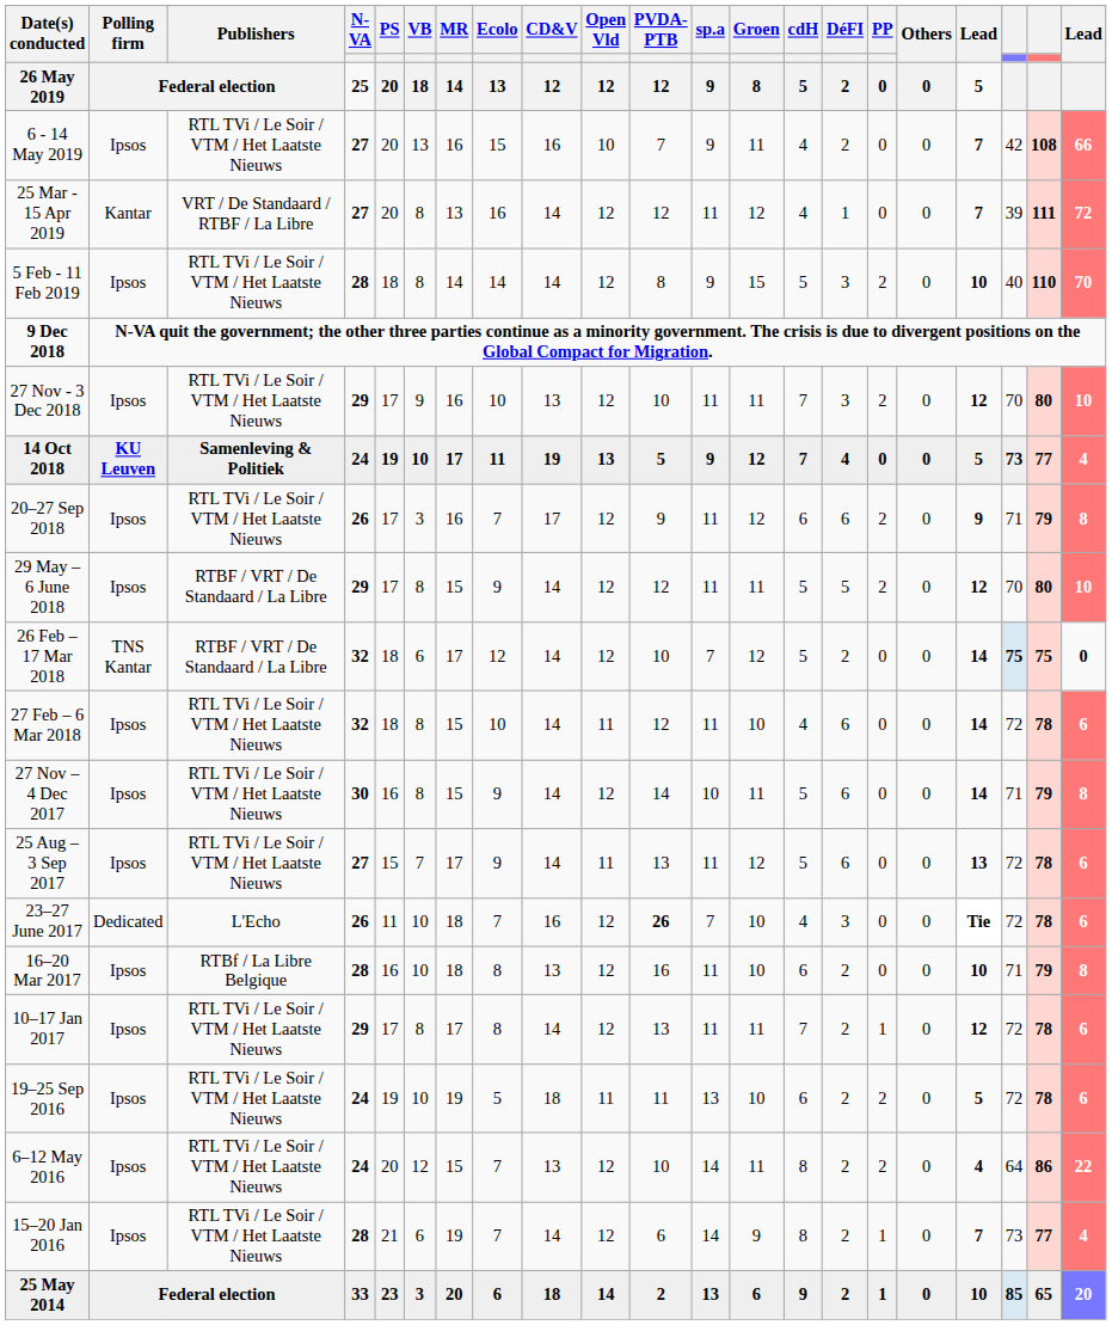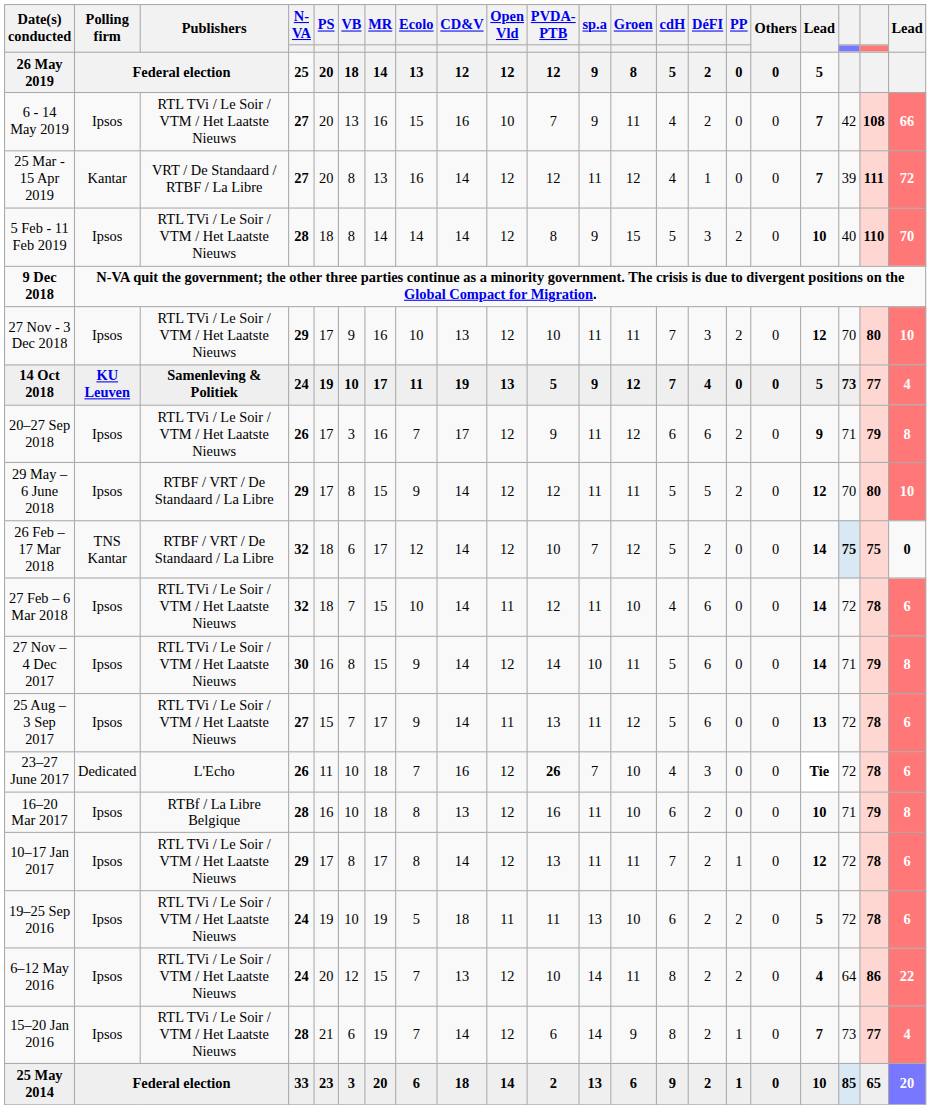 <table class="wikitable sortable" style="text-align:center; font-size:85%; line-height:16px;">
 <tr style="background-color:#E9E9E9">
 <th rowspan="2">Date(s) conducted</th>
 <th rowspan="2">Polling firm</th>
 <th width="140" rowspan="2">Publishers</th>
 <th><a href='#'><span>N-VA</span></a></th>
 <th><a href='#'><span>PS</span></a></th>
 <th><a href='#'><span>VB</span></a></th>
 <th><a href='#'><span>MR</span></a></th>
 <th><a href='#'><span>Ecolo</span></a></th>
 <th><a href='#'><span>CD&V</span></a></th>
 <th><a href='#'><span>Open<br>Vld</span></a></th>
 <th><a href='#'><span>PVDA-<br>PTB</span></a></th>
 <th><a href='#'><span>sp.a</span></a></th>
 <th><a href='#'><span>Groen</span></a></th>
 <th><a href='#'><span>cdH</span></a></th>
 <th><a href='#'><span>DéFI</span></a></th>
 <th><a href='#'><span>PP</span></a></th>
 <th rowspan="2">Others</th>
 <th rowspan="2">Lead</th>
 <th></th>
 <th></th>
 <th rowspan="2">Lead</th>
 </tr>
 <tr>
 <th style="background:"></th>
 <th style="background:"></th>
 <th style="background:"></th>
 <th style="background:"></th>
 <th style="background:"></th>
 <th style="background:"></th>
 <th style="background:"></th>
 <th style="background:"></th>
 <th style="background:"></th>
 <th style="background:"></th>
 <th style="background:"></th>
 <th style="background:"></th>
 <th style="background:"></th>
 <th style="color:inherit;background:#7777FF"></th>
 <th style="color:inherit;background:#FF7777"></th>
 </tr>
 <tr>
 <th>26 May 2019</th>
 <th colspan="2">Federal election</th>
 <td style="background-color:#"><strong>25</strong></td>
 <th>20</th>
 <th>18</th>
 <th>14</th>
 <th>13</th>
 <th>12</th>
 <th>12</th>
 <th>12</th>
 <th>9</th>
 <th>8</th>
 <th>5</th>
 <th>2</th>
 <th>0</th>
 <th>0</th>
 <td style="background:"><strong>5</strong></td>
 <th></th>
 <th></th>
 <th></th>
 </tr>
 <tr>
 <td>6 - 14 May 2019</td>
 <td>Ipsos</td>
 <td>RTL TVi / Le Soir / VTM / Het Laatste Nieuws </td>
 <td style="background-color:#"><strong>27</strong></td>
 <td>20</td>
 <td>13</td>
 <td>16</td>
 <td>15</td>
 <td>16</td>
 <td>10</td>
 <td>7</td>
 <td>9</td>
 <td>11</td>
 <td>4</td>
 <td>2</td>
 <td>0</td>
 <td>0</td>
 <td style="background:"><strong>7</strong></td>
 <td>42</td>
 <td style="background:#FFD7D2"><strong>108</strong></td>
 <td style="background:#FF7777;color:white;"><strong>66</strong></td>
 </tr>
 <tr>
 <td>25 Mar - 15 Apr 2019</td>
 <td>Kantar</td>
 <td>VRT / De Standaard / RTBF / La Libre </td>
 <td style="background-color:#"><strong>27</strong></td>
 <td>20</td>
 <td>8</td>
 <td>13</td>
 <td>16</td>
 <td>14</td>
 <td>12</td>
 <td>12</td>
 <td>11</td>
 <td>12</td>
 <td>4</td>
 <td>1</td>
 <td>0</td>
 <td>0</td>
 <td style="background:"><strong>7</strong></td>
 <td>39</td>
 <td style="background:#FFD7D2"><strong>111</strong></td>
 <td style="background:#FF7777;color:white;"><strong>72</strong></td>
 </tr>
 <tr>
 <td>5 Feb - 11 Feb 2019</td>
 <td>Ipsos</td>
 <td>RTL TVi / Le Soir / VTM / Het Laatste Nieuws </td>
 <td style="background-color:#"><strong>28</strong></td>
 <td>18</td>
 <td>8</td>
 <td>14</td>
 <td>14</td>
 <td>14</td>
 <td>12</td>
 <td>8</td>
 <td>9</td>
 <td>15</td>
 <td>5</td>
 <td>3</td>
 <td>2</td>
 <td>0</td>
 <td style="background:"><strong>10</strong></td>
 <td>40</td>
 <td style="background:#FFD7D2"><strong>110</strong></td>
 <td style="background:#FF7777;color:white;"><strong>70</strong></td>
 </tr>
 <tr>
 <td><strong>9 Dec 2018</strong></td>
 <td colspan="20"><strong>N-VA quit the government; the other three parties continue as a minority government. The crisis is due to divergent positions on the <a href='#'>Global Compact for Migration</a>.</strong></td>
 </tr>
 <tr>
 <td>27 Nov - 3 Dec 2018</td>
 <td>Ipsos</td>
 <td>RTL TVi / Le Soir / VTM / Het Laatste Nieuws </td>
 <td style="background-color:#"><strong>29</strong></td>
 <td>17</td>
 <td>9</td>
 <td>16</td>
 <td>10</td>
 <td>13</td>
 <td>12</td>
 <td>10</td>
 <td>11</td>
 <td>11</td>
 <td>7</td>
 <td>3</td>
 <td>2</td>
 <td>0</td>
 <td style="background:"><strong>12</strong></td>
 <td>70</td>
 <td style="background:#FFD7D2"><strong>80</strong></td>
 <td style="background:#FF7777;color:white;"><strong>10</strong></td>
 </tr>
 <tr style="background:#EFEFEF; font-weight:bold;">
 <td>14 Oct 2018</td>
 <td><a href='#'>KU Leuven</a></td>
 <td>Samenleving & Politiek</td>
 <td style="background-color:#"><strong>24</strong></td>
 <td>19</td>
 <td>10</td>
 <td>17</td>
 <td>11</td>
 <td>19</td>
 <td>13</td>
 <td>5</td>
 <td>9</td>
 <td>12</td>
 <td>7</td>
 <td>4</td>
 <td>0</td>
 <td>0</td>
 <td style="background:"><strong>5</strong></td>
 <td>73</td>
 <td style="background:#FFD7D2"><strong>77</strong></td>
 <td style="background:#FF7777;color:white;"><strong>4</strong></td>
 </tr>
 <tr>
 <td>20–27 Sep 2018</td>
 <td>Ipsos</td>
 <td>RTL TVi / Le Soir / VTM / Het Laatste Nieuws </td>
 <td style="background-color:#"><strong>26</strong></td>
 <td>17</td>
 <td>3</td>
 <td>16</td>
 <td>7</td>
 <td>17</td>
 <td>12</td>
 <td>9</td>
 <td>11</td>
 <td>12</td>
 <td>6</td>
 <td>6</td>
 <td>2</td>
 <td>0</td>
 <td style="background:"><strong>9</strong></td>
 <td>71</td>
 <td style="background:#FFD7D2"><strong>79</strong></td>
 <td style="background:#FF7777;color:white;"><strong>8</strong></td>
 </tr>
 <tr>
 <td>29 May – 6 June 2018</td>
 <td>Ipsos</td>
 <td>RTBF / VRT / De Standaard / La Libre </td>
 <td style="background-color:#"><strong>29</strong></td>
 <td>17</td>
 <td>8</td>
 <td>15</td>
 <td>9</td>
 <td>14</td>
 <td>12</td>
 <td>12</td>
 <td>11</td>
 <td>11</td>
 <td>5</td>
 <td>5</td>
 <td>2</td>
 <td>0</td>
 <td style="background:"><strong>12</strong></td>
 <td>70</td>
 <td style="background:#FFD7D2"><strong>80</strong></td>
 <td style="background:#FF7777;color:white;"><strong>10</strong></td>
 </tr>
 <tr>
 <td>26 Feb – 17 Mar 2018</td>
 <td>TNS Kantar</td>
 <td>RTBF / VRT / De Standaard / La Libre </td>
 <td style="background-color:#"><strong>32</strong></td>
 <td>18</td>
 <td>6</td>
 <td>17</td>
 <td>12</td>
 <td>14</td>
 <td>12</td>
 <td>10</td>
 <td>7</td>
 <td>12</td>
 <td>5</td>
 <td>2</td>
 <td>0</td>
 <td>0</td>
 <td style="background:"><strong>14</strong></td>
 <td style="background:#D9E9F4"><strong>75</strong></td>
 <td style="background:#FFD7D2"><strong>75</strong></td>
 <td><strong>0</strong></td>
 </tr>
 <tr>
 <td>27 Feb – 6 Mar 2018</td>
 <td>Ipsos</td>
 <td>RTL TVi / Le Soir / VTM / Het Laatste Nieuws </td>
 <td style="background-color:#"><strong>32</strong></td>
 <td>18</td>
-<td>8</td>
+<td>7</td>
 <td>15</td>
 <td>10</td>
 <td>14</td>
 <td>11</td>
 <td>12</td>
 <td>11</td>
 <td>10</td>
 <td>4</td>
 <td>6</td>
 <td>0</td>
 <td>0</td>
 <td style="background:"><strong>14</strong></td>
 <td>72</td>
 <td style="background:#FFD7D2"><strong>78</strong></td>
 <td style="background:#FF7777;color:white;"><strong>6</strong></td>
 </tr>
 <tr>
 <td>27 Nov – 4 Dec 2017</td>
 <td>Ipsos</td>
 <td>RTL TVi / Le Soir / VTM / Het Laatste Nieuws </td>
 <td style="background-color:#"><strong>30</strong></td>
 <td>16</td>
 <td>8</td>
 <td>15</td>
 <td>9</td>
 <td>14</td>
 <td>12</td>
 <td>14</td>
 <td>10</td>
 <td>11</td>
 <td>5</td>
 <td>6</td>
 <td>0</td>
 <td>0</td>
 <td style="background:"><strong>14</strong></td>
 <td>71</td>
 <td style="background:#FFD7D2"><strong>79</strong></td>
 <td style="background:#FF7777;color:white;"><strong>8</strong></td>
 </tr>
 <tr>
 <td>25 Aug – 3 Sep 2017</td>
 <td>Ipsos</td>
 <td>RTL TVi / Le Soir / VTM / Het Laatste Nieuws </td>
 <td style="background-color:#"><strong>27</strong></td>
 <td>15</td>
 <td>7</td>
 <td>17</td>
 <td>9</td>
 <td>14</td>
 <td>11</td>
 <td>13</td>
 <td>11</td>
 <td>12</td>
 <td>5</td>
 <td>6</td>
 <td>0</td>
 <td>0</td>
 <td style="background:"><strong>13</strong></td>
 <td>72</td>
 <td style="background:#FFD7D2"><strong>78</strong></td>
 <td style="background:#FF7777;color:white;"><strong>6</strong></td>
 </tr>
 <tr>
 <td>23–27 June 2017</td>
 <td>Dedicated</td>
 <td>L'Echo</td>
 <td style="background-color:#"><strong>26</strong></td>
 <td>11</td>
 <td>10</td>
 <td>18</td>
 <td>7</td>
 <td>16</td>
 <td>12</td>
 <td style="background-color:#"><strong>26</strong></td>
 <td>7</td>
 <td>10</td>
 <td>4</td>
 <td>3</td>
 <td>0</td>
 <td>0</td>
 <td style="background-color:white"><strong>Tie</strong></td>
 <td>72</td>
 <td style="background:#FFD7D2"><strong>78</strong></td>
 <td style="background:#FF7777;color:white;"><strong>6</strong></td>
 </tr>
 <tr>
 <td>16–20 Mar 2017</td>
 <td>Ipsos</td>
 <td>RTBf / La Libre Belgique</td>
 <td style="background-color:#"><strong>28</strong></td>
 <td>16</td>
 <td>10</td>
 <td>18</td>
 <td>8</td>
 <td>13</td>
 <td>12</td>
 <td>16</td>
 <td>11</td>
 <td>10</td>
 <td>6</td>
 <td>2</td>
 <td>0</td>
 <td>0</td>
 <td style="background:"><strong>10</strong></td>
 <td>71</td>
 <td style="background:#FFD7D2"><strong>79</strong></td>
 <td style="background:#FF7777;color:white;"><strong>8</strong></td>
 </tr>
 <tr>
 <td>10–17 Jan 2017</td>
 <td>Ipsos</td>
 <td>RTL TVi / Le Soir / VTM / Het Laatste Nieuws </td>
 <td style="background-color:#"><strong>29</strong></td>
 <td>17</td>
 <td>8</td>
 <td>17</td>
 <td>8</td>
 <td>14</td>
 <td>12</td>
 <td>13</td>
 <td>11</td>
 <td>11</td>
 <td>7</td>
 <td>2</td>
 <td>1</td>
 <td>0</td>
 <td style="background:"><strong>12</strong></td>
 <td>72</td>
 <td style="background:#FFD7D2"><strong>78</strong></td>
 <td style="background:#FF7777;color:white;"><strong>6</strong></td>
 </tr>
 <tr>
 <td>19–25 Sep 2016</td>
 <td>Ipsos</td>
 <td>RTL TVi / Le Soir / VTM / Het Laatste Nieuws</td>
 <td style="background-color:#"><strong>24</strong></td>
 <td>19</td>
 <td>10</td>
 <td>19</td>
 <td>5</td>
 <td>18</td>
 <td>11</td>
 <td>11</td>
 <td>13</td>
 <td>10</td>
 <td>6</td>
 <td>2</td>
 <td>2</td>
 <td>0</td>
 <td style="background:"><strong>5</strong></td>
 <td>72</td>
 <td style="background:#FFD7D2"><strong>78</strong></td>
 <td style="background:#FF7777;color:white;"><strong>6</strong></td>
 </tr>
 <tr>
 <td>6–12 May 2016</td>
 <td>Ipsos</td>
 <td>RTL TVi / Le Soir / VTM / Het Laatste Nieuws</td>
 <td style="background-color:#"><strong>24</strong></td>
 <td>20</td>
 <td>12</td>
 <td>15</td>
 <td>7</td>
 <td>13</td>
 <td>12</td>
 <td>10</td>
 <td>14</td>
 <td>11</td>
 <td>8</td>
 <td>2</td>
 <td>2</td>
 <td>0</td>
 <td style="background:"><strong>4</strong></td>
 <td>64</td>
 <td style="background:#FFD7D2"><strong>86</strong></td>
 <td style="background:#FF7777;color:white;"><strong>22</strong></td>
 </tr>
 <tr>
 <td>15–20 Jan 2016</td>
 <td>Ipsos</td>
 <td>RTL TVi / Le Soir / VTM / Het Laatste Nieuws</td>
 <td style="background-color:#"><strong>28</strong></td>
 <td>21</td>
 <td>6</td>
 <td>19</td>
 <td>7</td>
 <td>14</td>
 <td>12</td>
 <td>6</td>
 <td>14</td>
 <td>9</td>
 <td>8</td>
 <td>2</td>
 <td>1</td>
 <td>0</td>
 <td style="background:"><strong>7</strong></td>
 <td>73</td>
 <td style="background:#FFD7D2"><strong>77</strong></td>
 <td style="background:#FF7777;color:white;"><strong>4</strong></td>
 </tr>
 <tr style="background:#EFEFEF; font-weight:bold;">
 <td>25 May 2014</td>
 <td colspan="2">Federal election</td>
 <td style="background-color:#"><strong>33</strong></td>
 <td>23</td>
 <td>3</td>
 <td>20</td>
 <td>6</td>
 <td>18</td>
 <td>14</td>
 <td>2</td>
 <td>13</td>
 <td>6</td>
 <td>9</td>
 <td>2</td>
 <td>1</td>
 <td>0</td>
 <td style="background:"><strong>10</strong></td>
 <td style="background:#D9E9F4">85</td>
 <td>65</td>
 <td style="background:#7777FF;color:white;"><strong>20</strong></td>
 </tr>
 </table>
